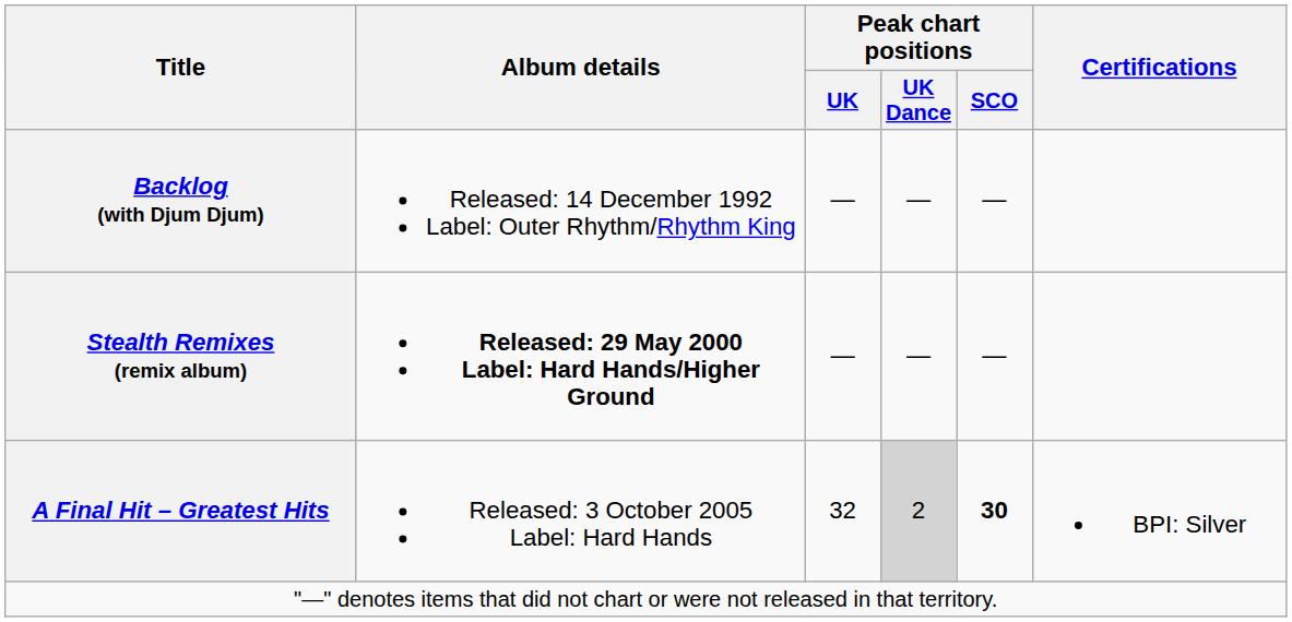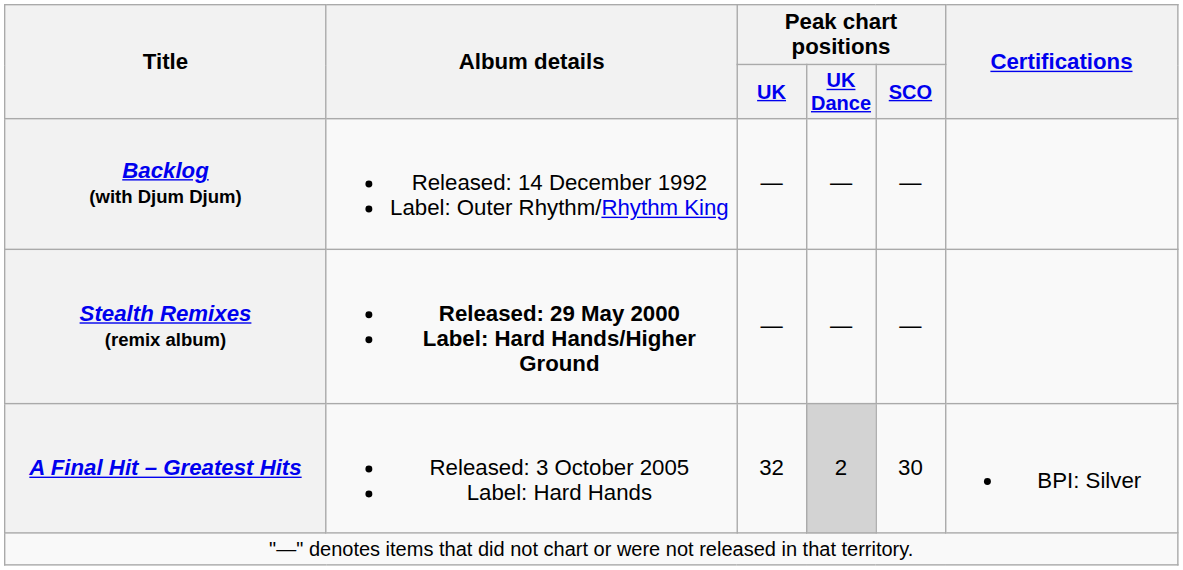 <table class="wikitable plainrowheaders" style="text-align:center;">
 <tr>
 <th scope="col" rowspan="2" style="width:14em;">Title</th>
 <th scope="col" rowspan="2" style="width:18em;">Album details</th>
 <th scope="col" colspan="3">Peak chart<br>positions</th>
 <th scope="col" rowspan="2" style="width:10em;"><a href='#'>Certifications</a></th>
 </tr>
 <tr>
 <th style="width:3em;font-size:90%;"><a href='#'>UK</a><br></th>
 <th style="width:3em;font-size:90%;"><a href='#'>UK<br>Dance</a><br></th>
 <th style="width:3em;font-size:90%;"><a href='#'>SCO</a><br></th>
 </tr>
 <tr>
 <th scope="row"><em><a href='#'>Backlog</a></em> <br><small>(with Djum Djum)</small></th>
 <td><br><ul><li>Released: 14 December 1992</li><li>Label: Outer Rhythm/<a href='#'>Rhythm King</a></li></ul></td>
 <td>—</td>
 <td>—</td>
 <td>—</td>
 <td></td>
 </tr>
 <tr>
 <th scope="row"><em><a href='#'>Stealth Remixes</a></em> <br><small>(remix album)</small></th>
 <td><strong><br><ul><li>Released: 29 May 2000</li><li>Label: Hard Hands/Higher Ground</li></ul></strong></td>
 <td>—</td>
 <td>—</td>
 <td>—</td>
 <td></td>
 </tr>
 <tr>
 <th scope="row"><em><a href='#'>A Final Hit – Greatest Hits</a></em></th>
 <td><br><ul><li>Released: 3 October 2005</li><li>Label: Hard Hands</li></ul></td>
 <td>32</td>
 <td style="background: lightgrey;">2</td>
-<td><strong>30</strong></td>
+<td>30</td>
 <td><br><ul><li>BPI: Silver</li></ul></td>
 </tr>
 <tr>
 <td align="center" colspan="15" style="font-size:90%">"—" denotes items that did not chart or were not released in that territory.</td>
 </tr>
 </table>
